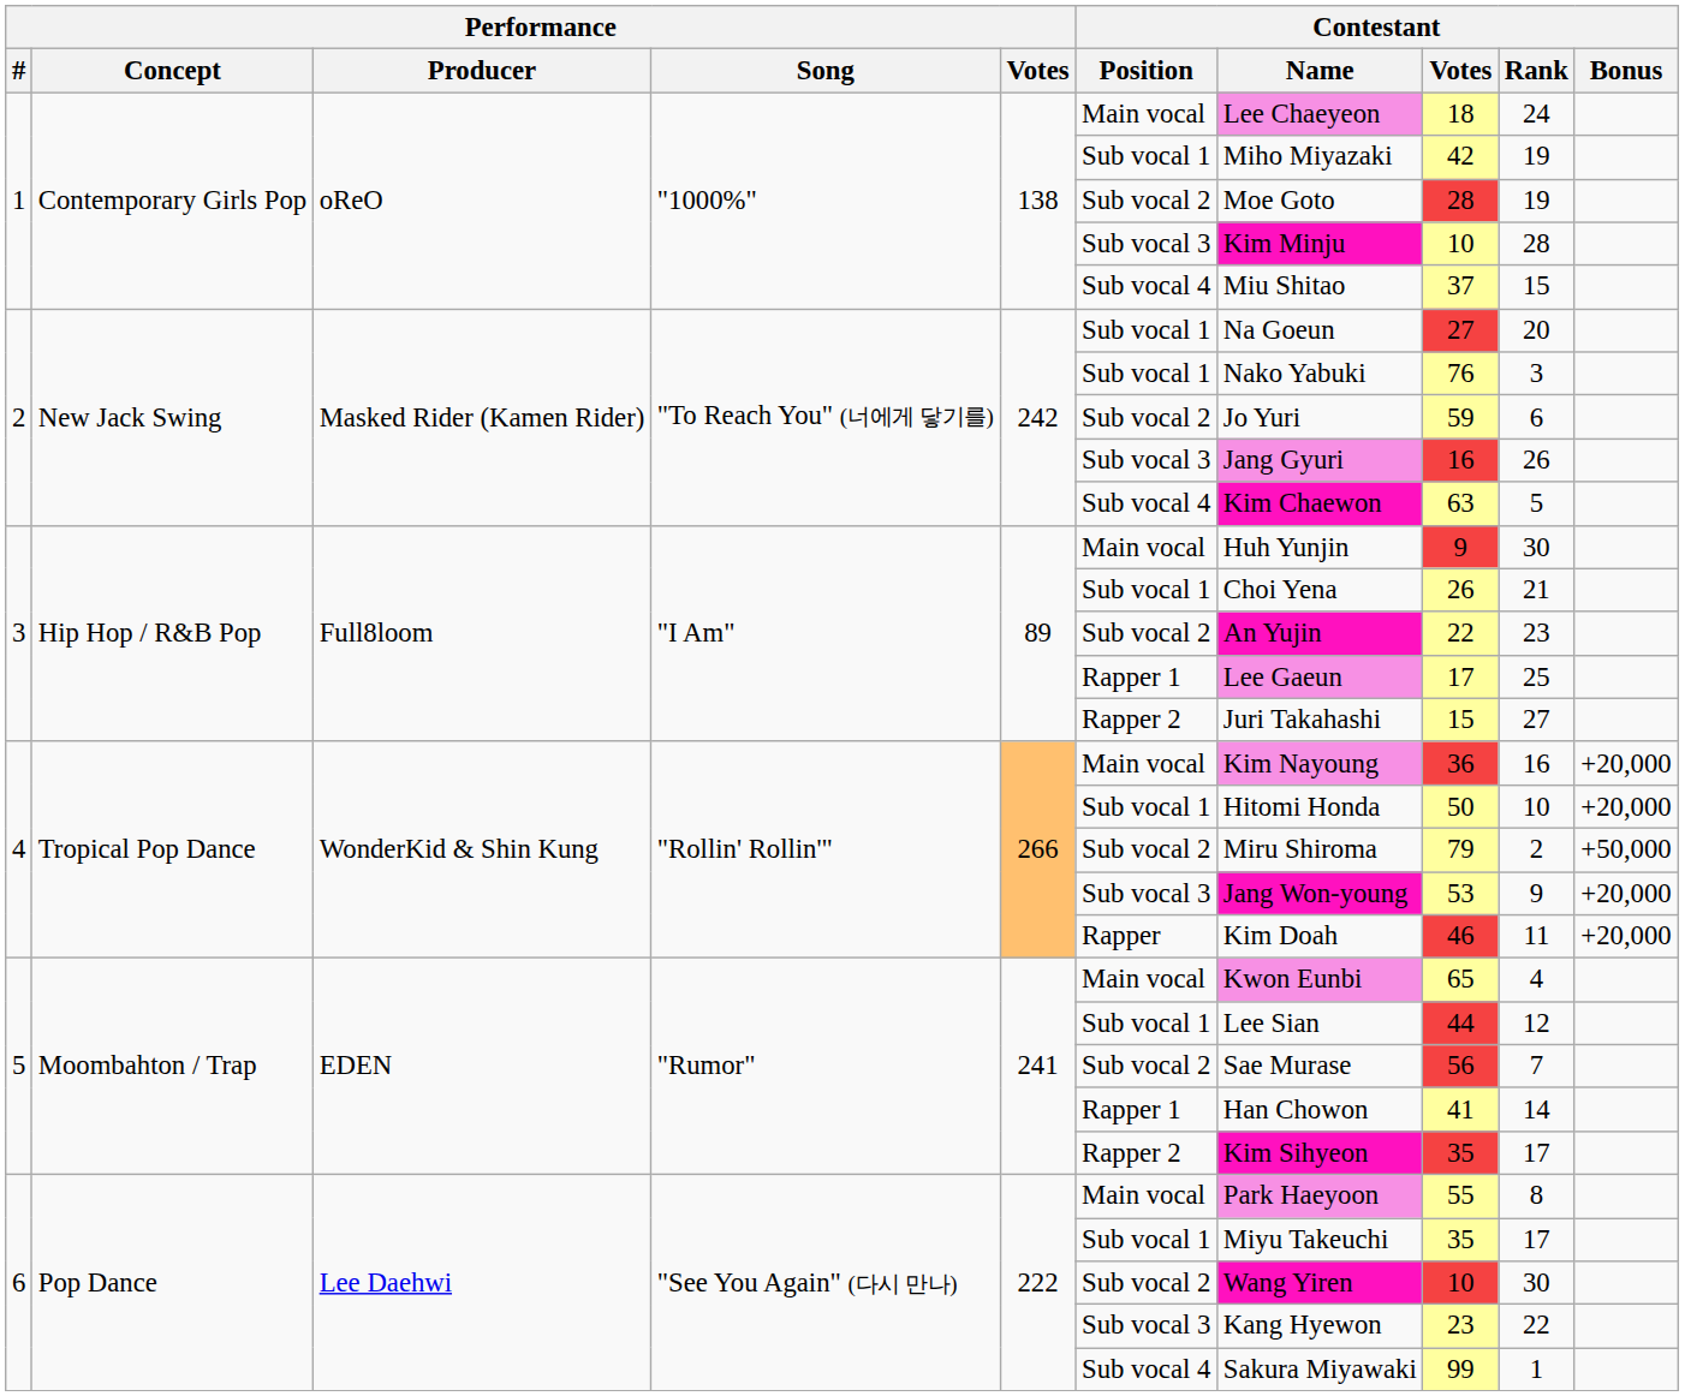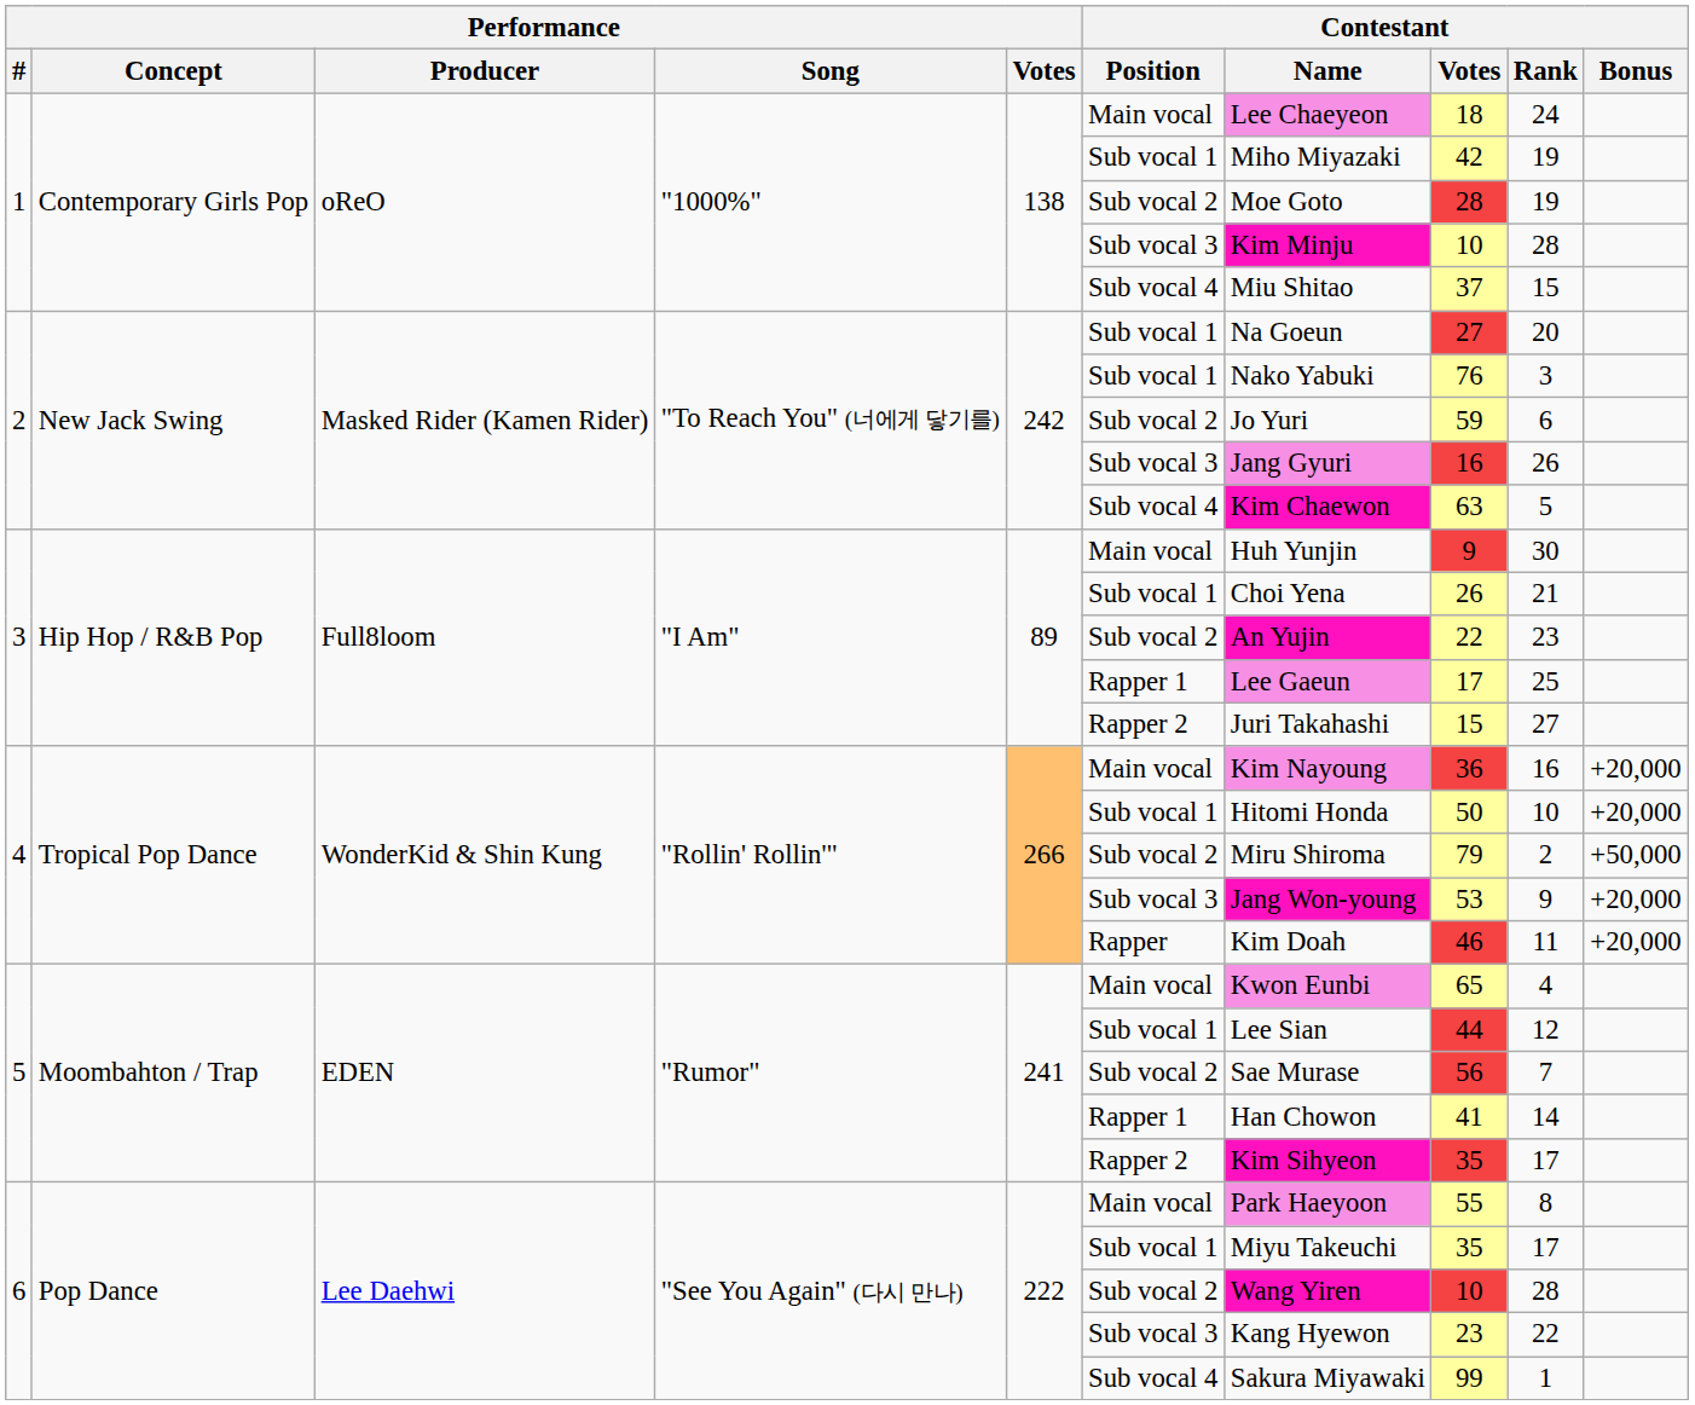 <table class="wikitable sortable" style="text-align:center;">
 <tr>
 <th colspan=5>Performance</th>
 <th colspan=5>Contestant</th>
 </tr>
 <tr>
 <th>#</th>
 <th>Concept</th>
 <th class=unsortable>Producer</th>
 <th class=unsortable>Song</th>
 <th>Votes</th>
 <th>Position</th>
 <th>Name</th>
 <th>Votes</th>
 <th>Rank</th>
 <th>Bonus</th>
 </tr>
 <tr>
 <td rowspan=5>1</td>
 <td rowspan=5 align=left>Contemporary Girls Pop</td>
 <td rowspan=5 align=left>oReO</td>
 <td rowspan=5 align=left>"1000%"</td>
 <td rowspan=5>138</td>
 <td align=left>Main vocal</td>
 <td align=left style=background:#F790E4;>Lee Chaeyeon</td>
 <td style="background:#FFFF9F">18</td>
 <td>24</td>
 <td></td>
 </tr>
 <tr>
 <td align=left>Sub vocal 1</td>
 <td align=left>Miho Miyazaki</td>
 <td style="background:#FFFF9F">42</td>
 <td>19</td>
 <td></td>
 </tr>
 <tr>
 <td align=left>Sub vocal 2</td>
 <td align=left>Moe Goto</td>
 <td style="background:#F54242">28</td>
 <td>19</td>
 <td></td>
 </tr>
 <tr>
 <td align=left>Sub vocal 3</td>
 <td align=left style=background:#FF11BF;>Kim Minju</td>
 <td style="background:#FFFF9F">10</td>
 <td>28</td>
 <td></td>
 </tr>
 <tr>
 <td align=left>Sub vocal 4</td>
 <td align=left>Miu Shitao</td>
 <td style="background:#FFFF9F">37</td>
 <td>15</td>
 <td></td>
 </tr>
 <tr>
 <td rowspan=5>2</td>
 <td rowspan=5 align=left>New Jack Swing</td>
 <td rowspan=5 align=left>Masked Rider (Kamen Rider)</td>
 <td rowspan=5 align=left>"To Reach You" <small>(너에게 닿기를)</small></td>
 <td rowspan=5>242</td>
 <td align=left>Sub vocal 1</td>
 <td align=left>Na Goeun</td>
 <td style="background:#F54242">27</td>
 <td>20</td>
 <td></td>
 </tr>
 <tr>
 <td align=left>Sub vocal 1</td>
 <td align=left>Nako Yabuki</td>
 <td style="background:#FFFF9F">76</td>
 <td>3</td>
 <td></td>
 </tr>
 <tr>
 <td align=left>Sub vocal 2</td>
 <td align=left>Jo Yuri</td>
 <td style="background:#FFFF9F">59</td>
 <td>6</td>
 <td></td>
 </tr>
 <tr>
 <td align=left>Sub vocal 3</td>
 <td align=left style=background:#F790E4;>Jang Gyuri</td>
 <td style="background:#F54242">16</td>
 <td>26</td>
 <td></td>
 </tr>
 <tr>
 <td align=left>Sub vocal 4</td>
 <td align=left style=background:#FF11BF;>Kim Chaewon</td>
 <td style="background:#FFFF9F">63</td>
 <td>5</td>
 <td></td>
 </tr>
 <tr>
 <td rowspan=5>3</td>
 <td rowspan=5 align=left>Hip Hop / R&B Pop</td>
 <td rowspan=5 align=left>Full8loom</td>
 <td rowspan=5 align=left>"I Am"</td>
 <td rowspan=5>89</td>
 <td align=left>Main vocal</td>
 <td align=left>Huh Yunjin</td>
 <td style="background:#F54242">9</td>
 <td>30</td>
 <td></td>
 </tr>
 <tr>
 <td align=left>Sub vocal 1</td>
 <td align=left>Choi Yena</td>
 <td style="background:#FFFF9F">26</td>
 <td>21</td>
 <td></td>
 </tr>
 <tr>
 <td align=left>Sub vocal 2</td>
 <td align=left style=background:#FF11BF;>An Yujin</td>
 <td style="background:#FFFF9F">22</td>
 <td>23</td>
 <td></td>
 </tr>
 <tr>
 <td align=left>Rapper 1</td>
 <td align=left style=background:#F790E4;>Lee Gaeun</td>
 <td style="background:#FFFF9F">17</td>
 <td>25</td>
 <td></td>
 </tr>
 <tr>
 <td align=left>Rapper 2</td>
 <td align=left>Juri Takahashi</td>
 <td style="background:#FFFF9F">15</td>
 <td>27</td>
 <td></td>
 </tr>
 <tr>
 <td rowspan=5>4</td>
 <td rowspan=5 align=left>Tropical Pop Dance</td>
 <td rowspan=5 align=left>WonderKid & Shin Kung</td>
 <td rowspan=5 align=left>"Rollin' Rollin'"</td>
 <td rowspan=5 style=background:#FFC06F;>266</td>
 <td align=left>Main vocal</td>
 <td align=left style=background:#F790E4;>Kim Nayoung</td>
 <td style="background:#F54242">36</td>
 <td>16</td>
 <td>+20,000</td>
 </tr>
 <tr>
 <td align=left>Sub vocal 1</td>
 <td align=left>Hitomi Honda</td>
 <td style="background:#FFFF9F">50</td>
 <td>10</td>
 <td>+20,000</td>
 </tr>
 <tr>
 <td align=left>Sub vocal 2</td>
 <td align=left>Miru Shiroma</td>
 <td style="background:#FFFF9F">79</td>
 <td>2</td>
 <td>+50,000</td>
 </tr>
 <tr>
 <td align=left>Sub vocal 3</td>
 <td align=left style=background:#FF11BF;>Jang Won-young</td>
 <td style="background:#FFFF9F">53</td>
 <td>9</td>
 <td>+20,000</td>
 </tr>
 <tr>
 <td align=left>Rapper</td>
 <td align=left>Kim Doah</td>
 <td style="background:#F54242">46</td>
 <td>11</td>
 <td>+20,000</td>
 </tr>
 <tr>
 <td rowspan=5>5</td>
 <td rowspan=5 align=left>Moombahton / Trap</td>
 <td rowspan=5 align=left>EDEN</td>
 <td rowspan=5 align=left>"Rumor"</td>
 <td rowspan=5>241</td>
 <td align=left>Main vocal</td>
 <td align=left style=background:#F790E4;>Kwon Eunbi</td>
 <td style="background:#FFFF9F">65</td>
 <td>4</td>
 <td></td>
 </tr>
 <tr>
 <td align=left>Sub vocal 1</td>
 <td align=left>Lee Sian</td>
 <td style="background:#F54242">44</td>
 <td>12</td>
 <td></td>
 </tr>
 <tr>
 <td align=left>Sub vocal 2</td>
 <td align=left>Sae Murase</td>
 <td style="background:#F54242">56</td>
 <td>7</td>
 <td></td>
 </tr>
 <tr>
 <td align=left>Rapper 1</td>
 <td align=left>Han Chowon</td>
 <td style="background:#FFFF9F">41</td>
 <td>14</td>
 <td></td>
 </tr>
 <tr>
 <td align=left>Rapper 2</td>
 <td align=left style=background:#FF11BF;>Kim Sihyeon</td>
 <td style="background:#F54242">35</td>
 <td>17</td>
 <td></td>
 </tr>
 <tr>
 <td rowspan=5>6</td>
 <td rowspan=5 align=left>Pop Dance</td>
 <td rowspan=5 align=left><a href='#'>Lee Daehwi</a></td>
 <td rowspan=5 align=left>"See You Again" <small>(다시 만나)</small></td>
 <td rowspan=5>222</td>
 <td align=left>Main vocal</td>
 <td align=left style=background:#F790E4;>Park Haeyoon</td>
 <td style="background:#FFFF9F">55</td>
 <td>8</td>
 <td></td>
 </tr>
 <tr>
 <td align=left>Sub vocal 1</td>
 <td align=left>Miyu Takeuchi</td>
 <td style="background:#FFFF9F">35</td>
 <td>17</td>
 <td></td>
 </tr>
 <tr>
 <td align=left>Sub vocal 2</td>
 <td align=left style=background:#FF11BF;>Wang Yiren</td>
 <td style="background:#F54242">10</td>
-<td>30</td>
+<td>28</td>
 <td></td>
 </tr>
 <tr>
 <td align=left>Sub vocal 3</td>
 <td align=left>Kang Hyewon</td>
 <td style="background:#FFFF9F">23</td>
 <td>22</td>
 <td></td>
 </tr>
 <tr>
 <td align=left>Sub vocal 4</td>
 <td align=left>Sakura Miyawaki</td>
 <td style="background:#FFFF9F">99</td>
 <td>1</td>
 <td></td>
 </tr>
 <tr>
 </tr>
 </table>
